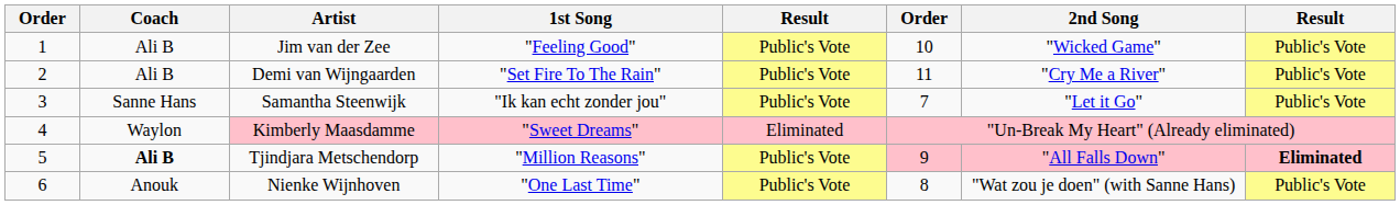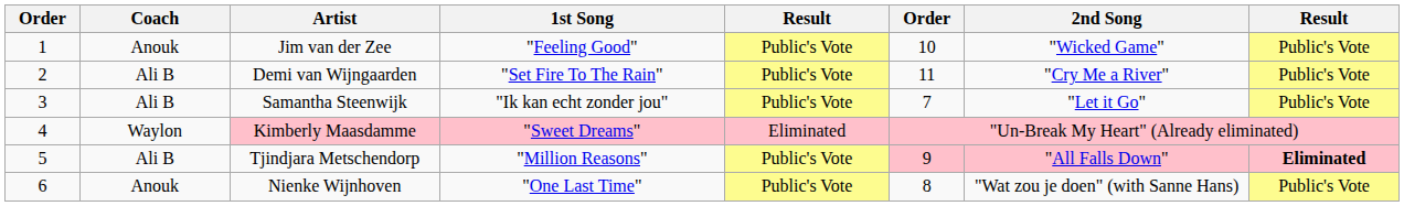 <table class="wikitable" style="text-align:center; width:100%;">
 <tr>
 <th style="width:05%;">Order</th>
 <th style="width:10%;">Coach</th>
 <th style="width:14%;">Artist</th>
 <th style="width:19%;">1st Song</th>
 <th style="width:11%;">Result</th>
 <th style="width:05%;">Order</th>
 <th style="width:19%;">2nd Song</th>
 <th style="width:10%;">Result</th>
 </tr>
 <tr>
 <td scope="row">1</td>
-<td>Ali B</td>
+<td>Anouk</td>
 <td>Jim van der Zee</td>
 <td>"<a href='#'>Feeling Good</a>"</td>
 <td style="background:#fdfc8f;">Public's Vote</td>
 <td>10</td>
 <td>"<a href='#'>Wicked Game</a>"</td>
 <td style="background:#fdfc8f;">Public's Vote</td>
 </tr>
 <tr>
 <td scope="row">2</td>
 <td>Ali B</td>
 <td>Demi van Wijngaarden</td>
 <td>"<a href='#'>Set Fire To The Rain</a>"</td>
 <td style="background:#fdfc8f;">Public's Vote</td>
 <td>11</td>
 <td>"<a href='#'>Cry Me a River</a>"</td>
 <td style="background:#fdfc8f;">Public's Vote</td>
 </tr>
 <tr>
 <td scope="row">3</td>
-<td>Sanne Hans</td>
+<td>Ali B</td>
 <td>Samantha Steenwijk</td>
 <td>"Ik kan echt zonder jou"</td>
 <td style="background:#fdfc8f;">Public's Vote</td>
 <td>7</td>
 <td>"<a href='#'>Let it Go</a>"</td>
 <td style="background:#fdfc8f;">Public's Vote</td>
 </tr>
 <tr>
 <td scope="row">4</td>
 <td>Waylon</td>
 <td style="background:pink">Kimberly Maasdamme</td>
 <td style="background:pink">"<a href='#'>Sweet Dreams</a>"</td>
 <td style="background:pink">Eliminated</td>
 <td colspan="3" style="background:pink">"Un-Break My Heart" (Already eliminated)</td>
 </tr>
 <tr>
 <td scope="row">5</td>
-<td><strong>Ali B</strong></td>
+<td>Ali B</td>
 <td>Tjindjara Metschendorp</td>
 <td>"<a href='#'>Million Reasons</a>"</td>
 <td style="background:#fdfc8f;">Public's Vote</td>
 <td style="background:pink">9</td>
 <td style="background:pink">"<a href='#'>All Falls Down</a>"</td>
 <td style="background:pink"><strong>Eliminated</strong></td>
 </tr>
 <tr>
 <td scope="row">6</td>
 <td>Anouk</td>
 <td>Nienke Wijnhoven</td>
 <td>"<a href='#'>One Last Time</a>"</td>
 <td style="background:#fdfc8f;">Public's Vote</td>
 <td>8</td>
 <td>"Wat zou je doen" (with Sanne Hans)</td>
 <td style="background:#fdfc8f;">Public's Vote</td>
 </tr>
 </table>
